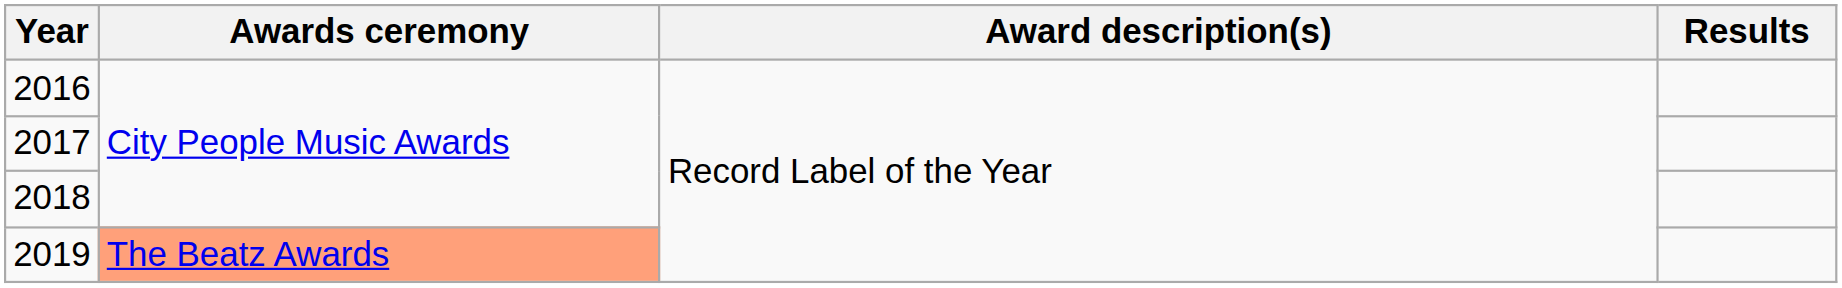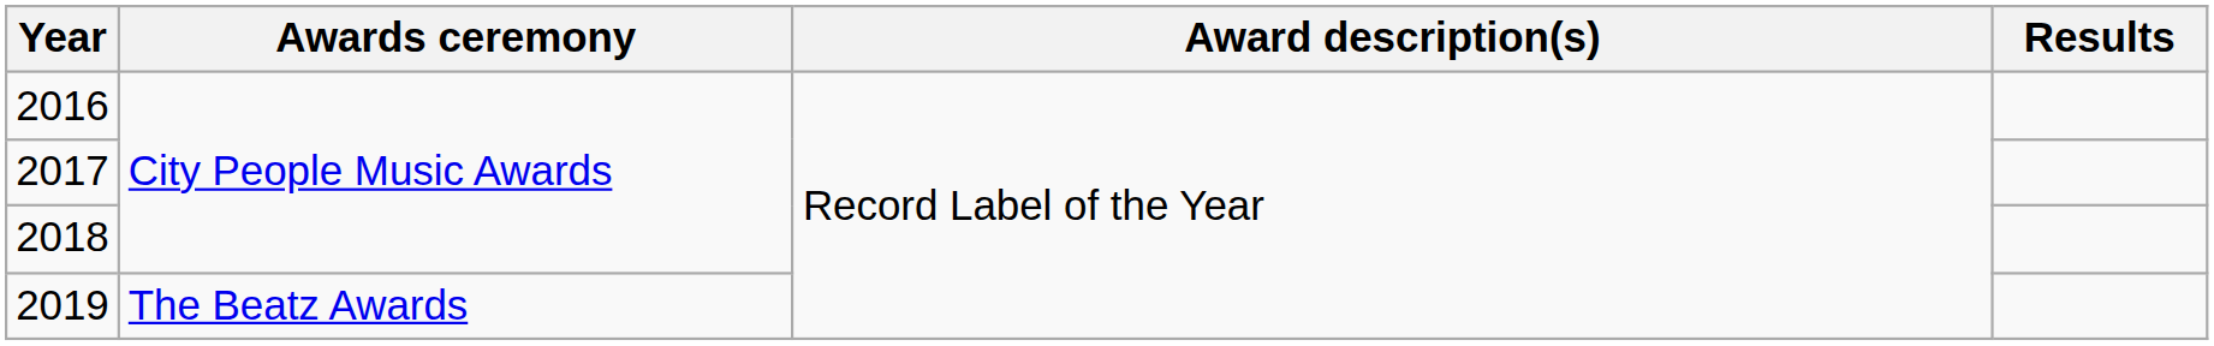 <table class="wikitable">
 <tr>
 <th>Year</th>
 <th width="250">Awards ceremony</th>
 <th width="450">Award description(s)</th>
 <th width="75">Results</th>
 </tr>
 <tr>
 <td>2016</td>
 <td rowspan="3"><a href='#'>City People Music Awards</a></td>
 <td rowspan="4">Record Label of the Year</td>
 <td></td>
 </tr>
 <tr>
 <td>2017</td>
 <td></td>
 </tr>
 <tr>
 <td>2018</td>
 <td></td>
 </tr>
 <tr>
 <td>2019</td>
-<td style="background: lightsalmon;"><a href='#'>The Beatz Awards</a></td>
+<td><a href='#'>The Beatz Awards</a></td>
 <td></td>
 </tr>
 </table>
